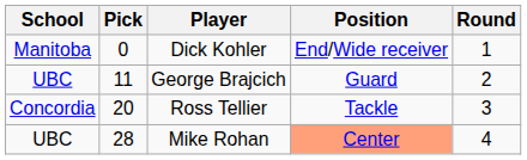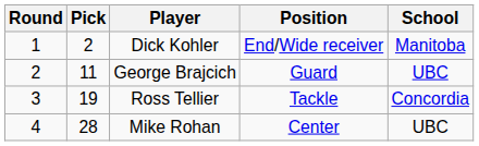 <table class="wikitable" style="text-align:center">
 <tr>
-<th scope="col">School</th>
+<th scope="col">Round</th>
 <th scope="col">Pick</th>
 <th scope="col">Player</th>
 <th scope="col">Position</th>
-<th scope="col">Round</th>
+<th scope="col">School</th>
 </tr>
 <tr>
-<td><a href='#'>Manitoba</a></td>
-<td>0</td>
+<td>1</td>
+<td>2</td>
 <td>Dick Kohler</td>
 <td><a href='#'>End</a>/<a href='#'>Wide receiver</a></td>
-<td>1</td>
+<td><a href='#'>Manitoba</a></td>
 </tr>
 <tr>
-<td><a href='#'>UBC</a></td>
+<td>2</td>
 <td>11</td>
 <td>George Brajcich</td>
 <td><a href='#'>Guard</a></td>
-<td>2</td>
+<td><a href='#'>UBC</a></td>
 </tr>
 <tr>
-<td><a href='#'>Concordia</a></td>
-<td>20</td>
+<td>3</td>
+<td>19</td>
 <td>Ross Tellier</td>
 <td><a href='#'>Tackle</a></td>
-<td>3</td>
+<td><a href='#'>Concordia</a></td>
 </tr>
 <tr>
-<td>UBC</td>
+<td>4</td>
 <td>28</td>
 <td>Mike Rohan</td>
-<td style="background: lightsalmon;"><a href='#'>Center</a></td>
-<td>4</td>
+<td><a href='#'>Center</a></td>
+<td>UBC</td>
 </tr>
 </table>
